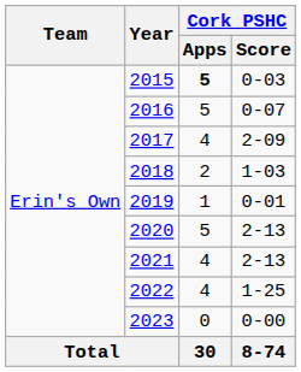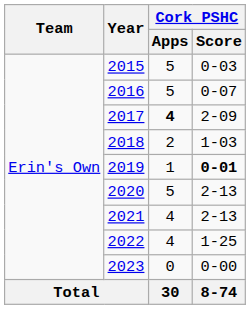 <table class="wikitable" style="text-align:center">
 <tr>
 <th rowspan="2">Team</th>
 <th rowspan="2">Year</th>
 <th colspan="2"><a href='#'>Cork PSHC</a></th>
 </tr>
 <tr>
 <th>Apps</th>
 <th>Score</th>
 </tr>
 <tr>
 <td rowspan="9"><a href='#'>Erin's Own</a></td>
 <td><a href='#'>2015</a></td>
-<td><strong>5</strong></td>
+<td>5</td>
 <td>0-03</td>
 </tr>
 <tr>
 <td><a href='#'>2016</a></td>
 <td>5</td>
 <td>0-07</td>
 </tr>
 <tr>
 <td><a href='#'>2017</a></td>
-<td>4</td>
+<td><strong>4</strong></td>
 <td>2-09</td>
 </tr>
 <tr>
 <td><a href='#'>2018</a></td>
 <td>2</td>
 <td>1-03</td>
 </tr>
 <tr>
 <td><a href='#'>2019</a></td>
 <td>1</td>
-<td>0-01</td>
+<td><strong>0-01</strong></td>
 </tr>
 <tr>
 <td><a href='#'>2020</a></td>
 <td>5</td>
 <td>2-13</td>
 </tr>
 <tr>
 <td><a href='#'>2021</a></td>
 <td>4</td>
 <td>2-13</td>
 </tr>
 <tr>
 <td><a href='#'>2022</a></td>
 <td>4</td>
 <td>1-25</td>
 </tr>
 <tr>
 <td><a href='#'>2023</a></td>
 <td>0</td>
 <td>0-00</td>
 </tr>
 <tr>
 <th colspan="2">Total</th>
 <th>30</th>
 <th>8-74</th>
 </tr>
 </table>
